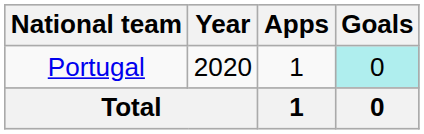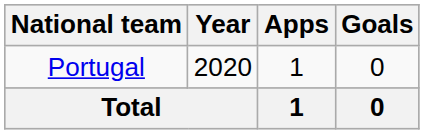 <table class=wikitable style="text-align: center;">
 <tr>
 <th>National team</th>
 <th>Year</th>
 <th>Apps</th>
 <th>Goals</th>
 </tr>
 <tr>
 <td rowspan="1" valign="center"><a href='#'>Portugal</a></td>
 <td>2020</td>
 <td>1</td>
-<td style="background: paleturquoise;">0</td>
+<td>0</td>
 </tr>
 <tr>
 <th colspan=2>Total</th>
 <th>1</th>
 <th>0</th>
 </tr>
 </table>
